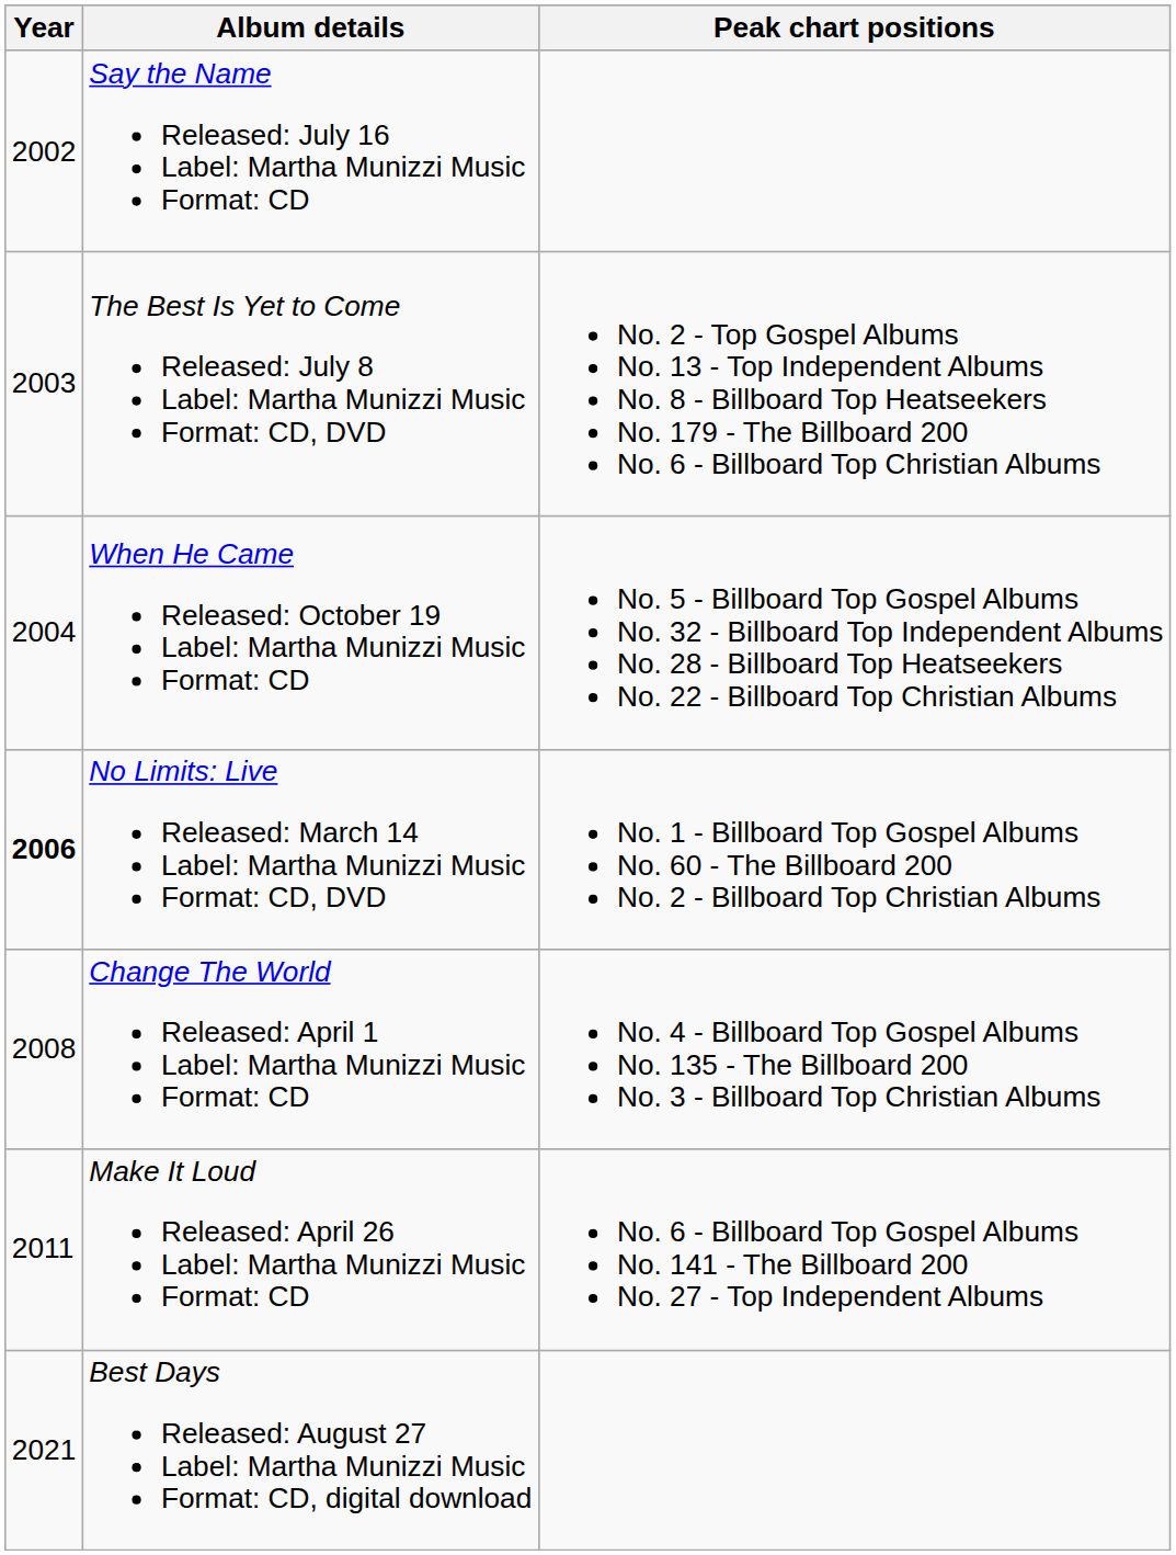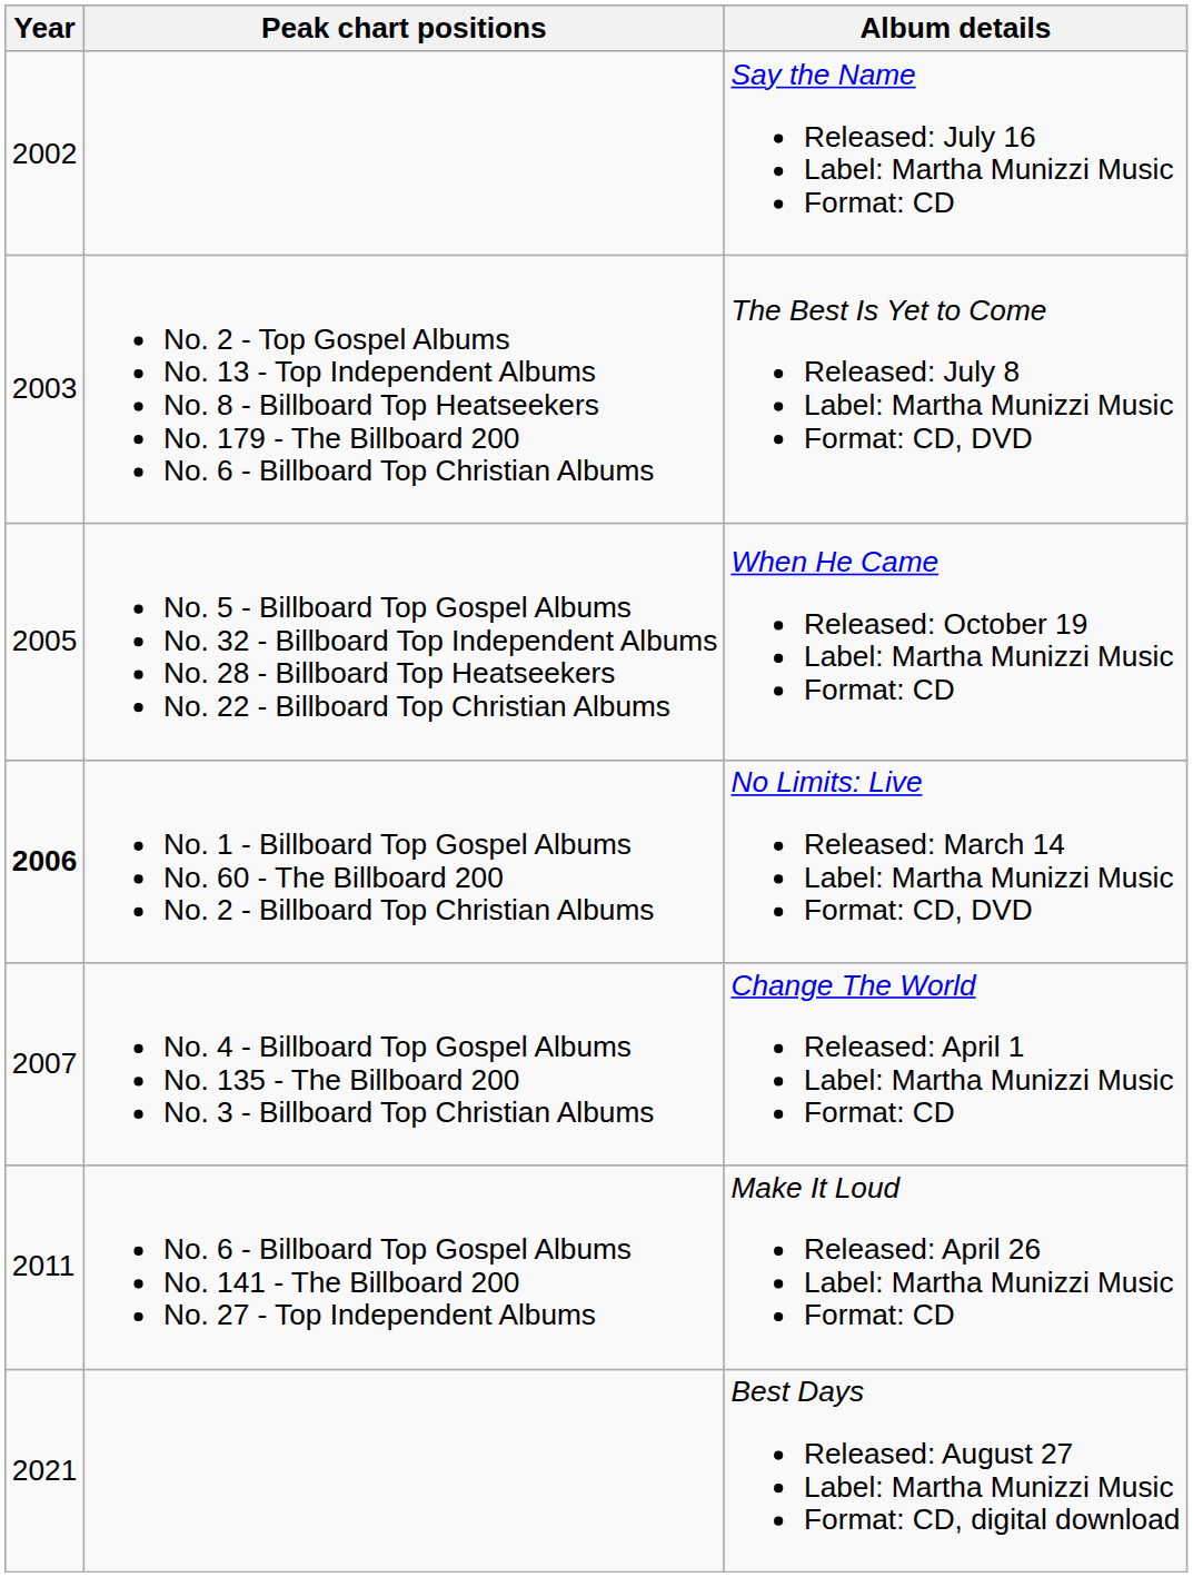 <table class="wikitable">
 <tr>
 <th>Year</th>
+<th>Peak chart positions</th>
 <th>Album details</th>
-<th>Peak chart positions</th>
 </tr>
 <tr>
 <td>2002</td>
+<td></td>
 <td><em><a href='#'>Say the Name</a></em><br><ul><li>Released: July 16</li><li>Label: Martha Munizzi Music</li><li>Format: CD</li></ul></td>
-<td></td>
 </tr>
 <tr>
 <td>2003</td>
+<td><br><ul><li>No. 2 - Top Gospel Albums</li><li>No. 13 - Top Independent Albums</li><li>No. 8 - Billboard Top Heatseekers</li><li>No. 179 - The Billboard 200</li><li>No. 6 - Billboard Top Christian Albums </li></ul></td>
 <td><em>The Best Is Yet to Come</em><br><ul><li>Released: July 8</li><li>Label: Martha Munizzi Music</li><li>Format: CD, DVD</li></ul></td>
-<td><br><ul><li>No. 2 - Top Gospel Albums</li><li>No. 13 - Top Independent Albums</li><li>No. 8 - Billboard Top Heatseekers</li><li>No. 179 - The Billboard 200</li><li>No. 6 - Billboard Top Christian Albums </li></ul></td>
 </tr>
 <tr>
-<td>2004</td>
+<td>2005</td>
+<td><br><ul><li>No. 5 - Billboard Top Gospel Albums</li><li>No. 32 - Billboard Top Independent Albums</li><li>No. 28 - Billboard Top Heatseekers</li><li>No. 22 - Billboard Top Christian Albums</li></ul></td>
 <td><em><a href='#'>When He Came</a></em><br><ul><li>Released: October 19</li><li>Label: Martha Munizzi Music</li><li>Format: CD</li></ul></td>
-<td><br><ul><li>No. 5 - Billboard Top Gospel Albums</li><li>No. 32 - Billboard Top Independent Albums</li><li>No. 28 - Billboard Top Heatseekers</li><li>No. 22 - Billboard Top Christian Albums</li></ul></td>
 </tr>
 <tr>
 <td><strong>2006</strong></td>
+<td><br><ul><li>No. 1 - Billboard Top Gospel Albums</li><li>No. 60 - The Billboard 200</li><li>No. 2 - Billboard Top Christian Albums </li></ul></td>
 <td><em><a href='#'>No Limits: Live</a></em><br><ul><li>Released: March 14</li><li>Label: Martha Munizzi Music</li><li>Format: CD, DVD</li></ul></td>
-<td><br><ul><li>No. 1 - Billboard Top Gospel Albums</li><li>No. 60 - The Billboard 200</li><li>No. 2 - Billboard Top Christian Albums </li></ul></td>
 </tr>
 <tr>
-<td>2008</td>
+<td>2007</td>
+<td><br><ul><li>No. 4 - Billboard Top Gospel Albums</li><li>No. 135 - The Billboard 200</li><li>No. 3 - Billboard Top Christian Albums</li></ul></td>
 <td><em><a href='#'>Change The World</a></em><br><ul><li>Released: April 1</li><li>Label: Martha Munizzi Music</li><li>Format: CD</li></ul></td>
-<td><br><ul><li>No. 4 - Billboard Top Gospel Albums</li><li>No. 135 - The Billboard 200</li><li>No. 3 - Billboard Top Christian Albums</li></ul></td>
 </tr>
 <tr>
 <td>2011</td>
+<td><br><ul><li>No. 6 - Billboard Top Gospel Albums</li><li>No. 141 - The Billboard 200</li><li>No. 27 - Top Independent Albums</li></ul></td>
 <td><em>Make It Loud</em><br><ul><li>Released: April 26</li><li>Label: Martha Munizzi Music</li><li>Format: CD</li></ul></td>
-<td><br><ul><li>No. 6 - Billboard Top Gospel Albums</li><li>No. 141 - The Billboard 200</li><li>No. 27 - Top Independent Albums</li></ul></td>
 </tr>
 <tr>
 <td>2021</td>
+<td></td>
 <td><em>Best Days</em><br><ul><li>Released: August 27</li><li>Label: Martha Munizzi Music</li><li>Format: CD, digital download</li></ul></td>
-<td></td>
 </tr>
 </table>
